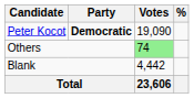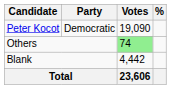 <table class="wikitable">
 <tr>
 <th>Candidate</th>
 <th>Party</th>
 <th>Votes</th>
 <th>%</th>
 </tr>
 <tr>
 <td><a href='#'>Peter Kocot</a></td>
-<td><strong>Democratic</strong></td>
+<td>Democratic</td>
 <td>19,090</td>
 <td></td>
 </tr>
 <tr>
 <td colspan = 2>Others</td>
 <td style="background: lightgreen;">74</td>
 <td></td>
 </tr>
 <tr>
 <td colspan = 2>Blank</td>
 <td>4,442</td>
 <td></td>
 </tr>
 <tr>
 <th colspan = 2>Total</th>
 <th>23,606</th>
 <th></th>
 </tr>
 </table>
